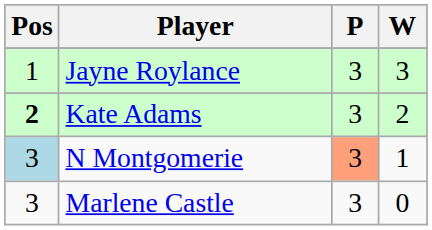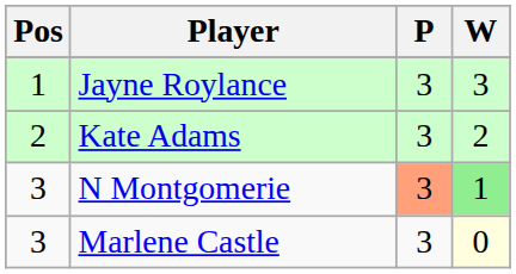 <table class="wikitable">
 <tr>
 <th width=20>Pos</th>
 <th width=150>Player</th>
 <th width=20>P</th>
 <th width=20>W</th>
 </tr>
 <tr>
 </tr>
 <tr align=center style="background: #ccffcc;">
 <td>1</td>
 <td align="left"> <a href='#'>Jayne Roylance</a></td>
 <td>3</td>
 <td>3</td>
 </tr>
 <tr align=center style="background: #ccffcc;">
-<td><strong>2</strong></td>
+<td>2</td>
 <td align="left"> <a href='#'>Kate Adams</a></td>
 <td>3</td>
 <td>2</td>
 </tr>
 <tr align=center>
-<td style="background: lightblue;">3</td>
+<td>3</td>
 <td align="left"> <a href='#'>N Montgomerie</a></td>
 <td style="background: lightsalmon;">3</td>
-<td>1</td>
+<td style="background: lightgreen;">1</td>
 </tr>
 <tr align=center>
 <td>3</td>
 <td align="left"> <a href='#'>Marlene Castle</a></td>
 <td>3</td>
-<td>0</td>
+<td style="background: lightyellow;">0</td>
 </tr>
 </table>
